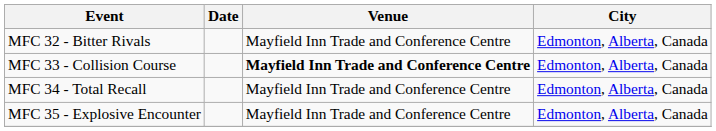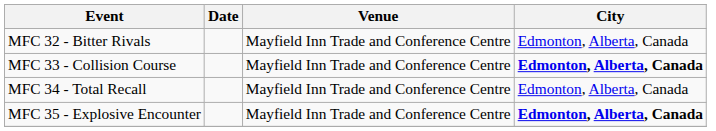 <table class="wikitable">
 <tr>
 <th>Event</th>
 <th>Date</th>
 <th>Venue</th>
 <th>City</th>
 </tr>
 <tr>
 <td>MFC 32 - Bitter Rivals</td>
 <td></td>
 <td>Mayfield Inn Trade and Conference Centre</td>
 <td><a href='#'>Edmonton</a>, <a href='#'>Alberta</a>, Canada</td>
 </tr>
 <tr>
 <td>MFC 33 - Collision Course</td>
 <td></td>
-<td><strong>Mayfield Inn Trade and Conference Centre</strong></td>
-<td><a href='#'>Edmonton</a>, <a href='#'>Alberta</a>, Canada</td>
+<td>Mayfield Inn Trade and Conference Centre</td>
+<td><strong><a href='#'>Edmonton</a>, <a href='#'>Alberta</a>, Canada</strong></td>
 </tr>
 <tr>
 <td>MFC 34 - Total Recall</td>
 <td></td>
 <td>Mayfield Inn Trade and Conference Centre</td>
 <td><a href='#'>Edmonton</a>, <a href='#'>Alberta</a>, Canada</td>
 </tr>
 <tr>
 <td>MFC 35 - Explosive Encounter</td>
 <td></td>
 <td>Mayfield Inn Trade and Conference Centre</td>
-<td><a href='#'>Edmonton</a>, <a href='#'>Alberta</a>, Canada</td>
+<td><strong><a href='#'>Edmonton</a>, <a href='#'>Alberta</a>, Canada</strong></td>
 </tr>
 <tr>
 </tr>
 </table>
